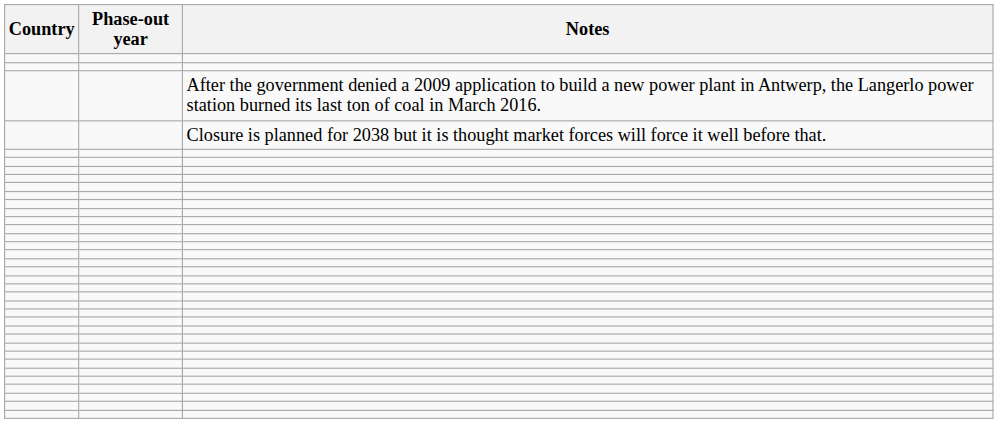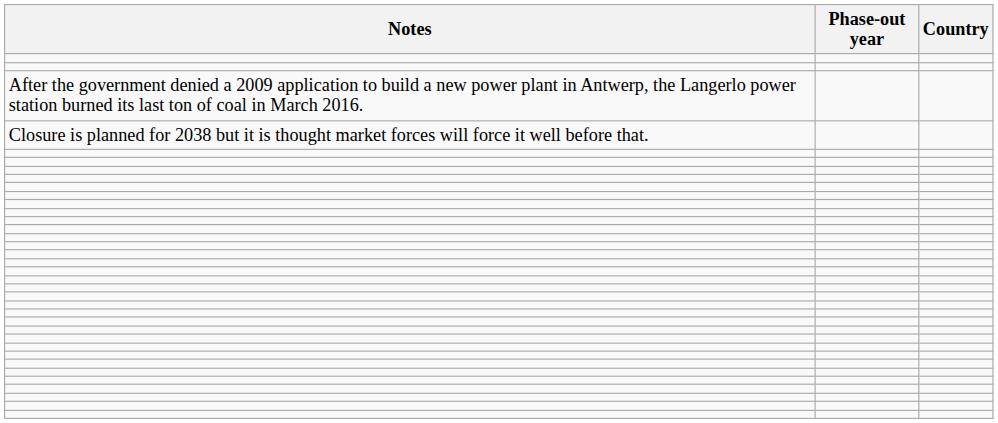 <table class="wikitable sortable mw-datatable sticky-header sort-under static-row-numbers">
 <tr>
+<th class="unsortable">Notes</th>
+<th>Phase-out year </th>
 <th>Country</th>
-<th>Phase-out year </th>
-<th class="unsortable">Notes</th>
 </tr>
 <tr>
 <td></td>
 <td></td>
 <td></td>
 </tr>
 <tr>
 <td></td>
 <td></td>
 <td></td>
 </tr>
 <tr>
+<td>After the government denied a 2009 application to build a new power plant in Antwerp, the Langerlo power station burned its last ton of coal in March 2016.</td>
 <td></td>
 <td></td>
-<td>After the government denied a 2009 application to build a new power plant in Antwerp, the Langerlo power station burned its last ton of coal in March 2016.</td>
 </tr>
 <tr>
+<td>Closure is planned for 2038 but it is thought market forces will force it well before that.</td>
 <td></td>
 <td></td>
-<td>Closure is planned for 2038 but it is thought market forces will force it well before that.</td>
 </tr>
 <tr>
 <td></td>
 <td></td>
 <td></td>
 </tr>
 <tr>
 <td></td>
 <td></td>
 <td></td>
 </tr>
 <tr>
 <td></td>
 <td></td>
 <td></td>
 </tr>
 <tr>
 <td></td>
 <td></td>
 <td></td>
 </tr>
 <tr>
 <td></td>
 <td></td>
 <td></td>
 </tr>
 <tr>
 <td></td>
 <td></td>
 <td></td>
 </tr>
 <tr>
 <td></td>
 <td></td>
 <td></td>
 </tr>
 <tr>
 <td></td>
 <td></td>
 <td></td>
 </tr>
 <tr>
 <td></td>
 <td></td>
 <td></td>
 </tr>
 <tr>
 <td></td>
 <td></td>
 <td></td>
 </tr>
 <tr>
 <td></td>
 <td></td>
 <td></td>
 </tr>
 <tr>
 <td></td>
 <td></td>
 <td></td>
 </tr>
 <tr>
 <td></td>
 <td></td>
 <td></td>
 </tr>
 <tr>
 <td></td>
 <td></td>
 <td></td>
 </tr>
 <tr>
 <td></td>
 <td></td>
 <td></td>
 </tr>
 <tr>
 <td></td>
 <td></td>
 <td></td>
 </tr>
 <tr>
 <td></td>
 <td></td>
 <td></td>
 </tr>
 <tr>
 <td></td>
 <td></td>
 <td></td>
 </tr>
 <tr>
 <td></td>
 <td></td>
 <td></td>
 </tr>
 <tr>
 <td></td>
 <td></td>
 <td></td>
 </tr>
 <tr>
 <td></td>
 <td></td>
 <td></td>
 </tr>
 <tr>
 <td></td>
 <td></td>
 <td></td>
 </tr>
 <tr>
 <td></td>
 <td></td>
 <td></td>
 </tr>
 <tr>
 <td></td>
 <td></td>
 <td></td>
 </tr>
 <tr>
 <td></td>
 <td></td>
 <td></td>
 </tr>
 <tr>
 <td></td>
 <td></td>
 <td></td>
 </tr>
 <tr>
 <td></td>
 <td></td>
 <td></td>
 </tr>
 <tr>
 <td></td>
 <td></td>
 <td></td>
 </tr>
 <tr>
 <td></td>
 <td></td>
 <td></td>
 </tr>
 <tr>
 <td></td>
 <td></td>
 <td></td>
 </tr>
 <tr>
 <td></td>
 <td></td>
 <td></td>
 </tr>
 <tr>
 <td></td>
 <td></td>
 <td></td>
 </tr>
 </table>
